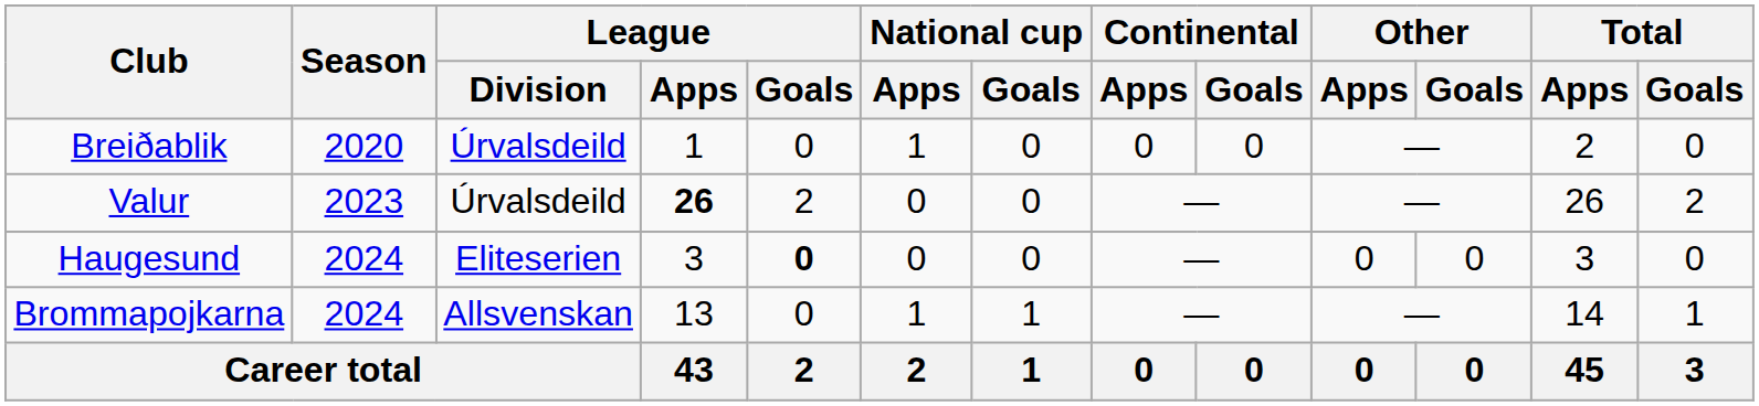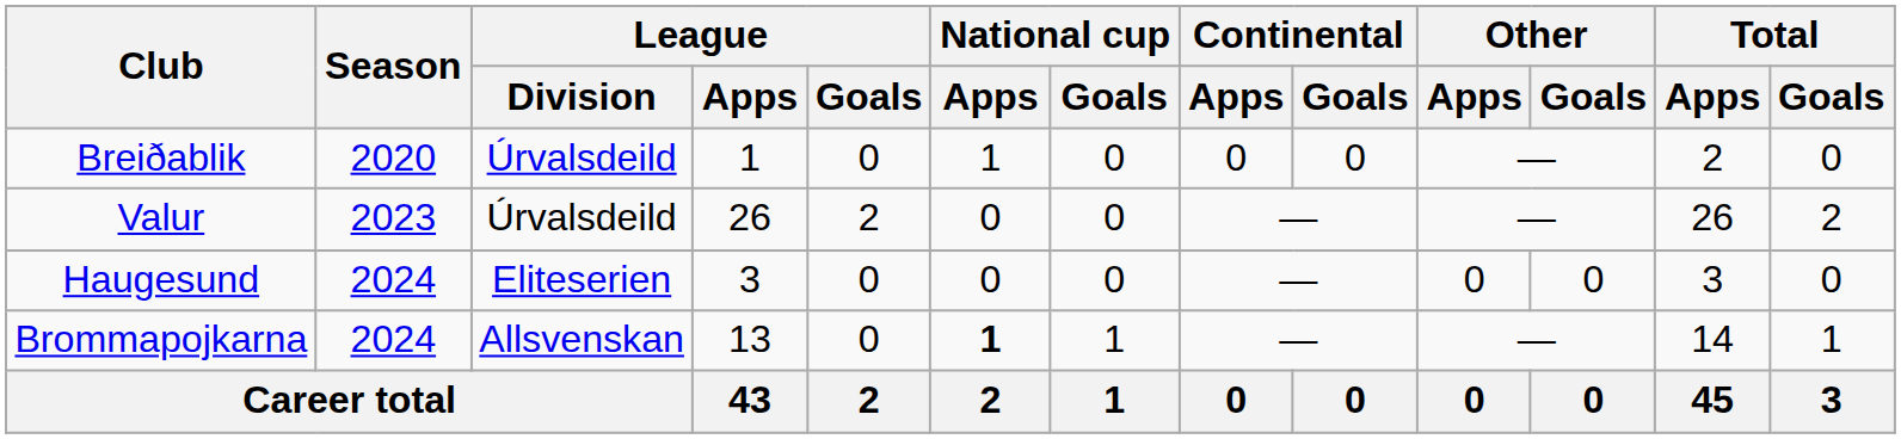 <table class="wikitable" style="text-align: center;">
 <tr>
 <th rowspan="2">Club</th>
 <th rowspan="2">Season</th>
 <th colspan="3">League</th>
 <th colspan="2">National cup</th>
 <th colspan="2">Continental</th>
 <th colspan="2">Other</th>
 <th colspan="2">Total</th>
 </tr>
 <tr>
 <th>Division</th>
 <th>Apps</th>
 <th>Goals</th>
 <th>Apps</th>
 <th>Goals</th>
 <th>Apps</th>
 <th>Goals</th>
 <th>Apps</th>
 <th>Goals</th>
 <th>Apps</th>
 <th>Goals</th>
 </tr>
 <tr>
 <td><a href='#'>Breiðablik</a></td>
 <td><a href='#'>2020</a></td>
 <td><a href='#'>Úrvalsdeild</a></td>
 <td>1</td>
 <td>0</td>
 <td>1</td>
 <td>0</td>
 <td>0</td>
 <td>0</td>
 <td colspan="2">—</td>
 <td>2</td>
 <td>0</td>
 </tr>
 <tr>
 <td><a href='#'>Valur</a></td>
 <td><a href='#'>2023</a></td>
 <td>Úrvalsdeild</td>
-<td><strong>26</strong></td>
+<td>26</td>
 <td>2</td>
 <td>0</td>
 <td>0</td>
 <td colspan="2">—</td>
 <td colspan="2">—</td>
 <td>26</td>
 <td>2</td>
 </tr>
 <tr>
 <td><a href='#'>Haugesund</a></td>
 <td><a href='#'>2024</a></td>
 <td><a href='#'>Eliteserien</a></td>
 <td>3</td>
-<td><strong>0</strong></td>
+<td>0</td>
 <td>0</td>
 <td>0</td>
 <td colspan="2">—</td>
 <td>0</td>
 <td>0</td>
 <td>3</td>
 <td>0</td>
 </tr>
 <tr>
 <td><a href='#'>Brommapojkarna</a></td>
 <td><a href='#'>2024</a></td>
 <td><a href='#'>Allsvenskan</a></td>
 <td>13</td>
 <td>0</td>
-<td>1</td>
+<td><strong>1</strong></td>
 <td>1</td>
 <td colspan="2">—</td>
 <td colspan="2">—</td>
 <td>14</td>
 <td>1</td>
 </tr>
 <tr>
 <th colspan="3">Career total</th>
 <th>43</th>
 <th>2</th>
 <th>2</th>
 <th>1</th>
 <th>0</th>
 <th>0</th>
 <th>0</th>
 <th>0</th>
 <th>45</th>
 <th>3</th>
 </tr>
 </table>
